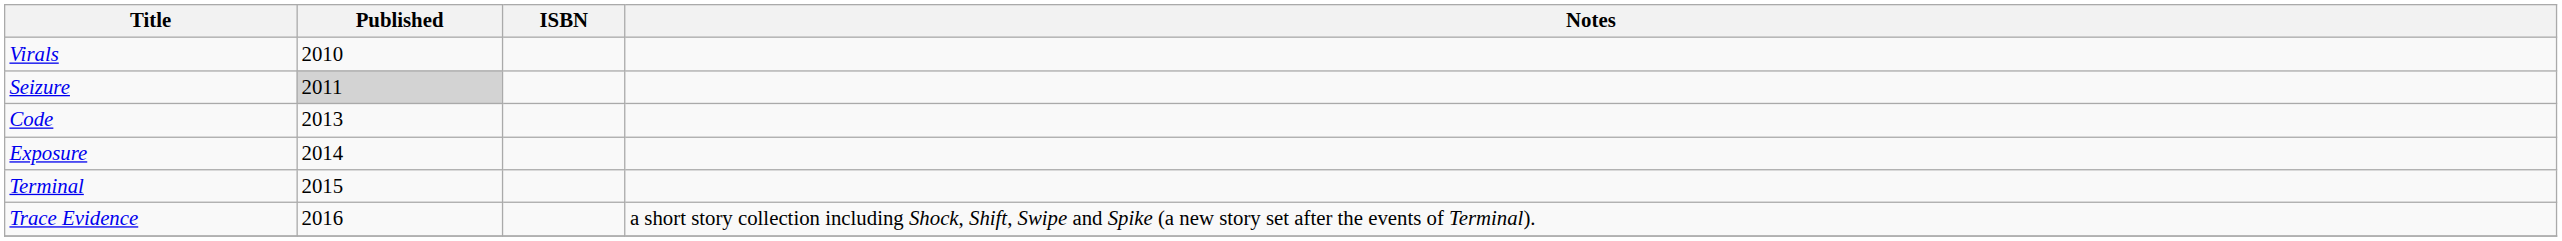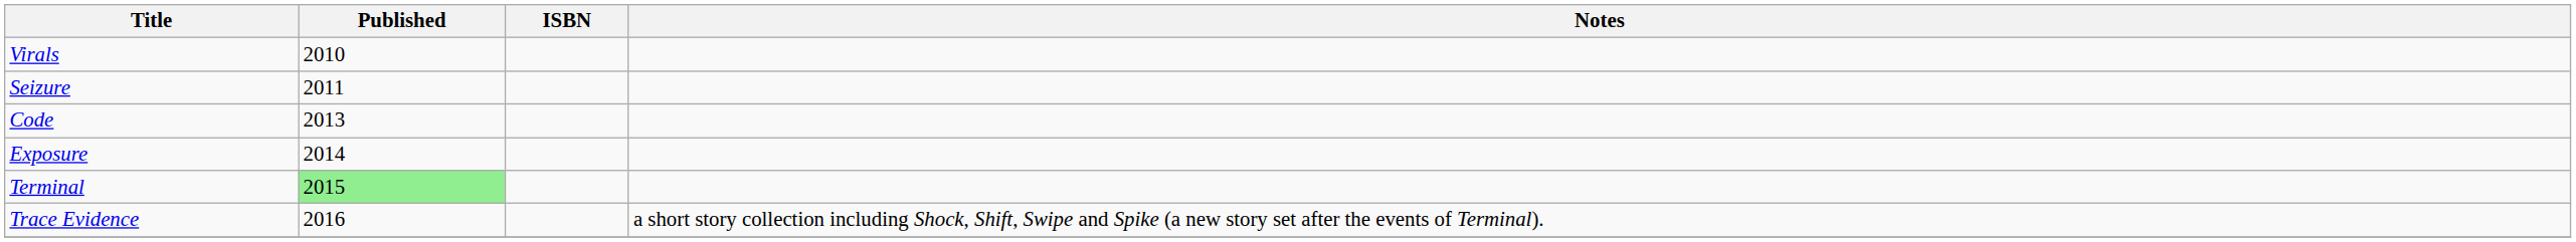 <table class="wikitable" style="width:99%;">
 <tr>
 <th>Title</th>
 <th>Published</th>
 <th>ISBN</th>
 <th>Notes</th>
 </tr>
 <tr>
 <td><em><a href='#'>Virals</a></em></td>
 <td>2010</td>
 <td></td>
 <td></td>
 </tr>
 <tr>
 <td><em><a href='#'>Seizure</a></em></td>
-<td style="background: lightgrey;">2011</td>
+<td>2011</td>
 <td></td>
 <td></td>
 </tr>
 <tr>
 <td><em><a href='#'>Code</a></em></td>
 <td>2013</td>
 <td></td>
 <td></td>
 </tr>
 <tr>
 <td><em><a href='#'>Exposure</a></em></td>
 <td>2014</td>
 <td></td>
 <td></td>
 </tr>
 <tr>
 <td><em><a href='#'>Terminal</a></em></td>
-<td>2015</td>
+<td style="background: lightgreen;">2015</td>
 <td></td>
 <td></td>
 </tr>
 <tr>
 <td><em><a href='#'>Trace Evidence</a></em></td>
 <td>2016</td>
 <td></td>
 <td>a short story collection including <em>Shock</em>, <em>Shift</em>, <em>Swipe</em> and <em>Spike</em> (a new story set after the events of <em>Terminal</em>).</td>
 </tr>
 <tr>
 </tr>
 </table>
